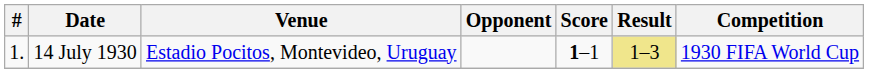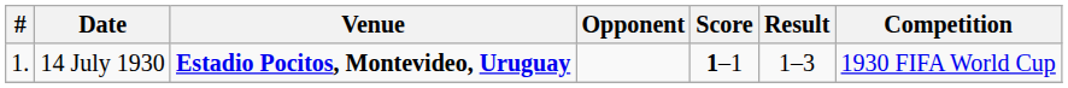 <table class="wikitable sortable" style="font-size:100%">
 <tr>
 <th>#</th>
 <th>Date</th>
 <th>Venue</th>
 <th>Opponent</th>
 <th>Score</th>
 <th>Result</th>
 <th>Competition</th>
 </tr>
 <tr>
 <td align=center>1.</td>
 <td>14 July 1930</td>
-<td><a href='#'>Estadio Pocitos</a>, Montevideo, <a href='#'>Uruguay</a></td>
+<td><strong><a href='#'>Estadio Pocitos</a>, Montevideo, <a href='#'>Uruguay</a></strong></td>
 <td></td>
 <td align=center><strong>1</strong>–1</td>
-<td align=center style="background: khaki;">1–3</td>
+<td align=center>1–3</td>
 <td><a href='#'>1930 FIFA World Cup</a></td>
 </tr>
 <tr>
 </tr>
 </table>
